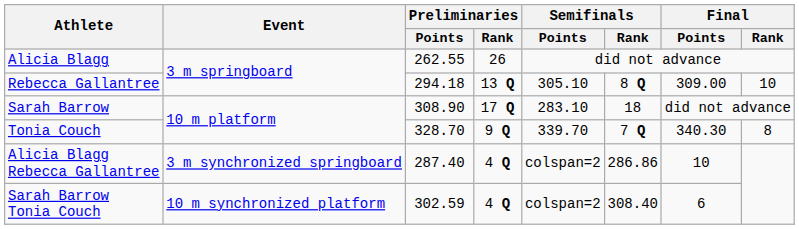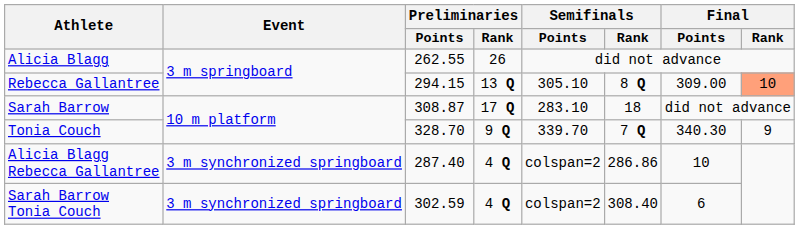 <table class=wikitable style="font-size:90%;">
 <tr>
 <th rowspan="2">Athlete</th>
 <th rowspan="2">Event</th>
 <th colspan="2">Preliminaries</th>
 <th colspan="2">Semifinals</th>
 <th colspan="2">Final</th>
 </tr>
 <tr style="font-size:95%">
 <th>Points</th>
 <th>Rank</th>
 <th>Points</th>
 <th>Rank</th>
 <th>Points</th>
 <th>Rank</th>
 </tr>
 <tr align=center>
 <td align=left><a href='#'>Alicia Blagg</a></td>
 <td align=left rowspan=2><a href='#'>3 m springboard</a></td>
 <td>262.55</td>
 <td>26</td>
 <td colspan=4>did not advance</td>
 </tr>
 <tr align=center>
 <td align=left><a href='#'>Rebecca Gallantree</a></td>
-<td>294.18</td>
+<td>294.15</td>
 <td>13 <strong>Q</strong></td>
 <td>305.10</td>
 <td>8 <strong>Q</strong></td>
 <td>309.00</td>
-<td>10</td>
+<td style="background: lightsalmon;">10</td>
 </tr>
 <tr align=center>
 <td align=left><a href='#'>Sarah Barrow</a></td>
 <td align=left rowspan=2><a href='#'>10 m platform</a></td>
-<td>308.90</td>
+<td>308.87</td>
 <td>17 <strong>Q</strong></td>
 <td>283.10</td>
 <td>18</td>
 <td colspan=2>did not advance</td>
 </tr>
 <tr align=center>
 <td align=left><a href='#'>Tonia Couch</a></td>
 <td>328.70</td>
 <td>9 <strong>Q</strong></td>
 <td>339.70</td>
 <td>7 <strong>Q</strong></td>
 <td>340.30</td>
-<td>8</td>
+<td>9</td>
 </tr>
 <tr align=center>
 <td align=left><a href='#'>Alicia Blagg</a><br><a href='#'>Rebecca Gallantree</a></td>
 <td align=left><a href='#'>3 m synchronized springboard</a></td>
 <td>287.40</td>
 <td>4 <strong>Q</strong></td>
 <td>colspan=2 </td>
 <td>286.86</td>
 <td>10</td>
 </tr>
 <tr align=center>
 <td align=left><a href='#'>Sarah Barrow</a><br><a href='#'>Tonia Couch</a></td>
-<td align=left><a href='#'>10 m synchronized platform</a></td>
+<td align=left><a href='#'>3 m synchronized springboard</a></td>
 <td>302.59</td>
 <td>4 <strong>Q</strong></td>
 <td>colspan=2 </td>
 <td>308.40</td>
 <td>6</td>
 </tr>
 </table>
